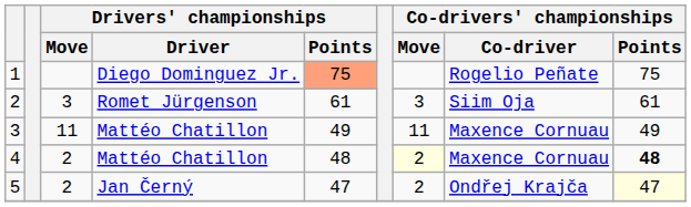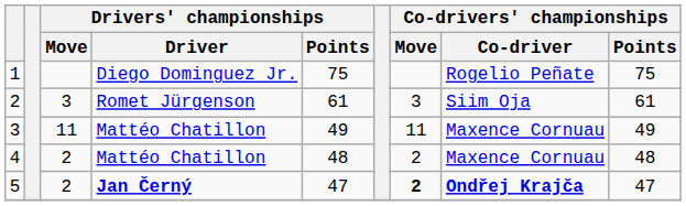 <table class="wikitable" style="font-size:85%;">
 <tr>
 <th rowspan="2"></th>
 <th rowspan="7" style="width:5px;"></th>
 <th colspan="3">Drivers' championships</th>
 <th rowspan="7" style="width:5px;"></th>
 <th colspan="3" nowrap>Co-drivers' championships</th>
 </tr>
 <tr>
 <th>Move</th>
 <th>Driver</th>
 <th>Points</th>
 <th>Move</th>
 <th>Co-driver</th>
 <th>Points</th>
 </tr>
 <tr>
 <td align="center">1</td>
 <td align="center"></td>
 <td><a href='#'>Diego Dominguez Jr.</a></td>
-<td align="center" style="background: lightsalmon;">75</td>
+<td align="center">75</td>
 <td align="center"></td>
 <td><a href='#'>Rogelio Peñate</a></td>
 <td align="center">75</td>
 </tr>
 <tr>
 <td align="center">2</td>
 <td align="center"> 3</td>
 <td><a href='#'>Romet Jürgenson</a></td>
 <td align="center">61</td>
 <td align="center"> 3</td>
 <td><a href='#'>Siim Oja</a></td>
 <td align="center">61</td>
 </tr>
 <tr>
 <td align="center">3</td>
 <td align="center"> 11</td>
 <td><a href='#'>Mattéo Chatillon</a></td>
 <td align="center">49</td>
 <td align="center"> 11</td>
 <td><a href='#'>Maxence Cornuau</a></td>
 <td align="center">49</td>
 </tr>
 <tr>
 <td align="center">4</td>
 <td align="center"> 2</td>
 <td><a href='#'>Mattéo Chatillon</a></td>
 <td align="center">48</td>
-<td align="center" style="background: lightyellow;"> 2</td>
+<td align="center"> 2</td>
 <td><a href='#'>Maxence Cornuau</a></td>
-<td align="center"><strong>48</strong></td>
+<td align="center">48</td>
 </tr>
 <tr>
 <td align="center">5</td>
 <td align="center"> 2</td>
-<td><a href='#'>Jan Černý</a></td>
+<td><strong><a href='#'>Jan Černý</a></strong></td>
 <td align="center">47</td>
-<td align="center"> 2</td>
-<td><a href='#'>Ondřej Krajča</a></td>
-<td align="center" style="background: lightyellow;">47</td>
+<td align="center"><strong> 2</strong></td>
+<td><strong><a href='#'>Ondřej Krajča</a></strong></td>
+<td align="center">47</td>
 </tr>
 <tr>
 </tr>
 </table>
